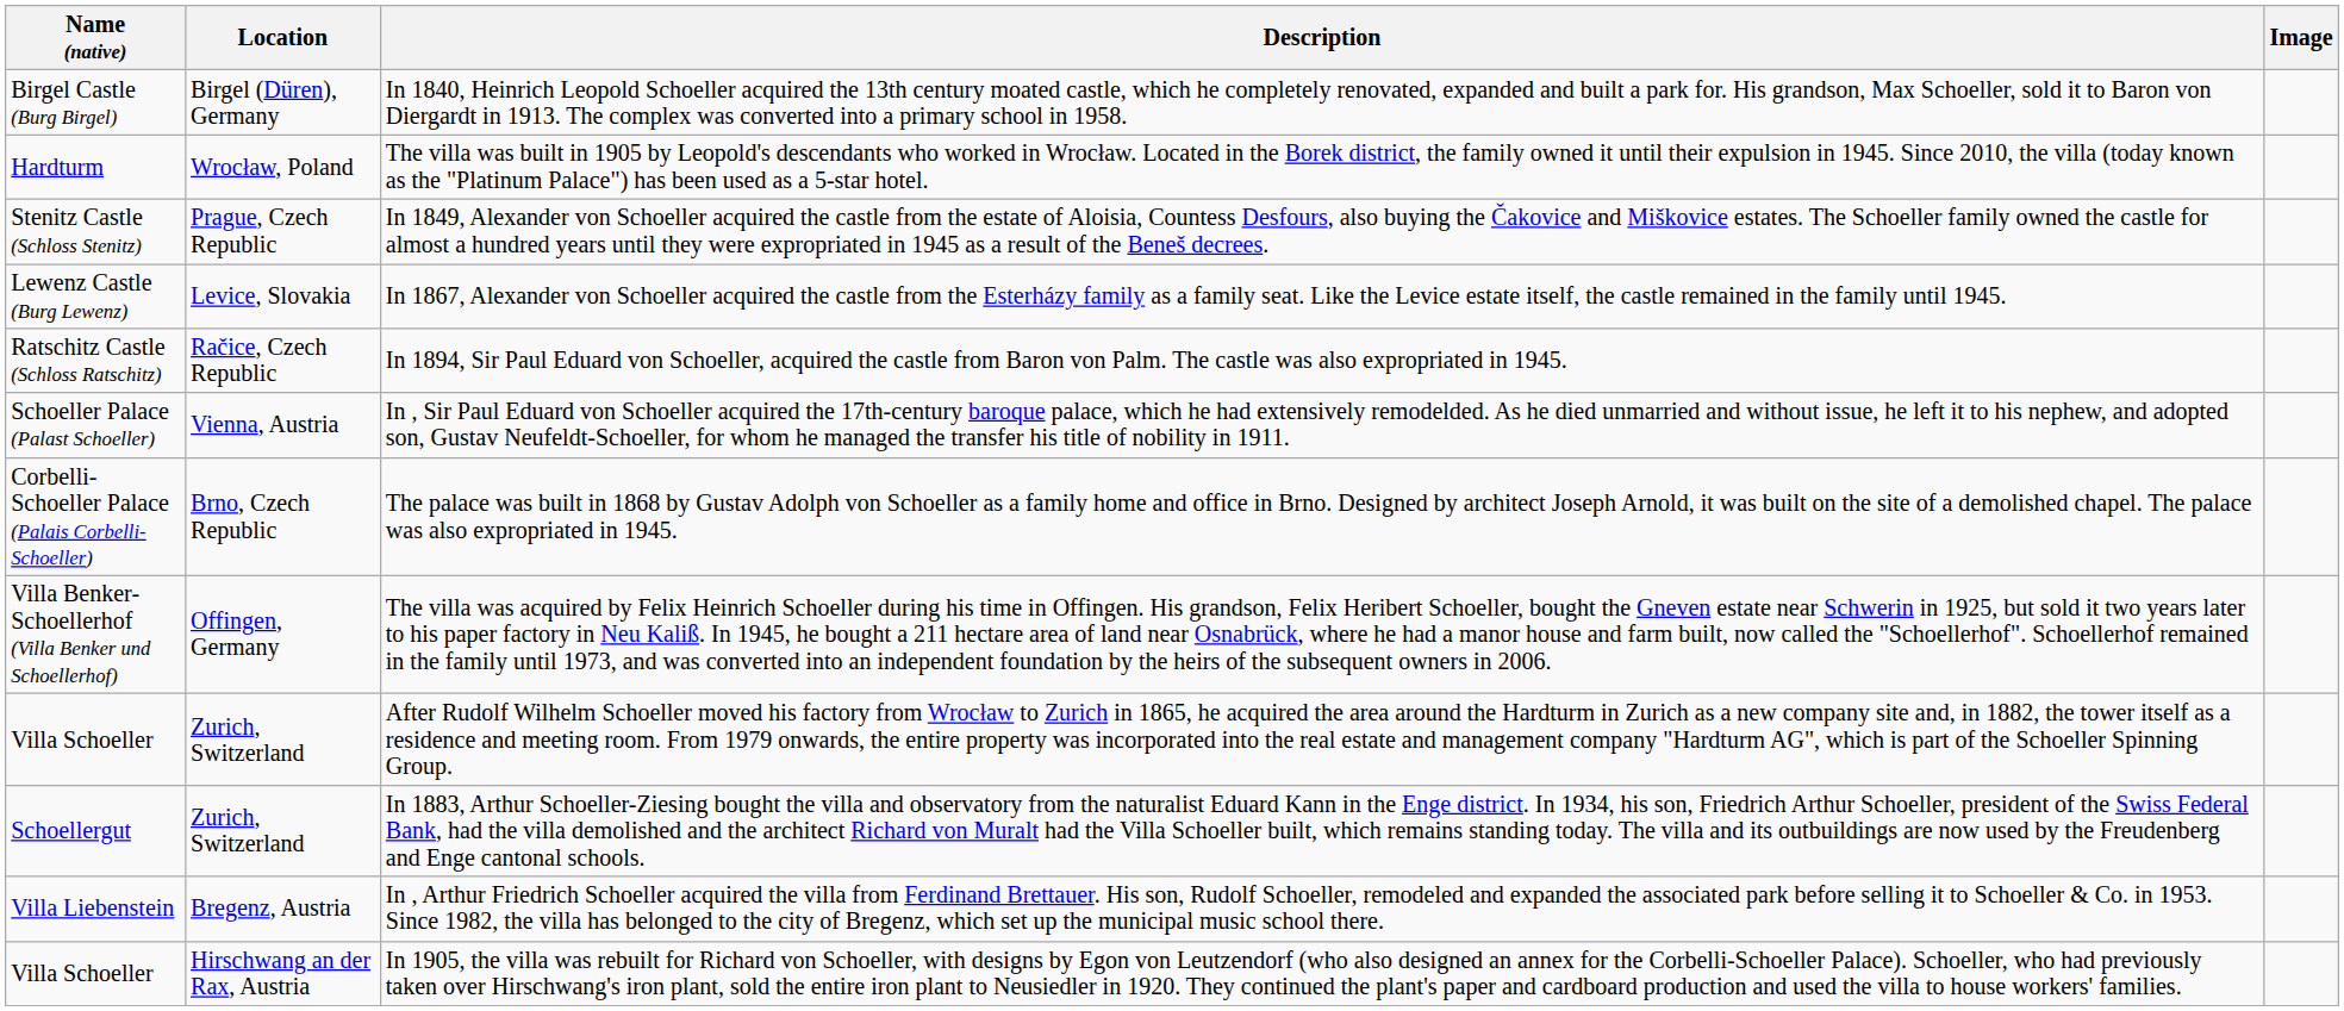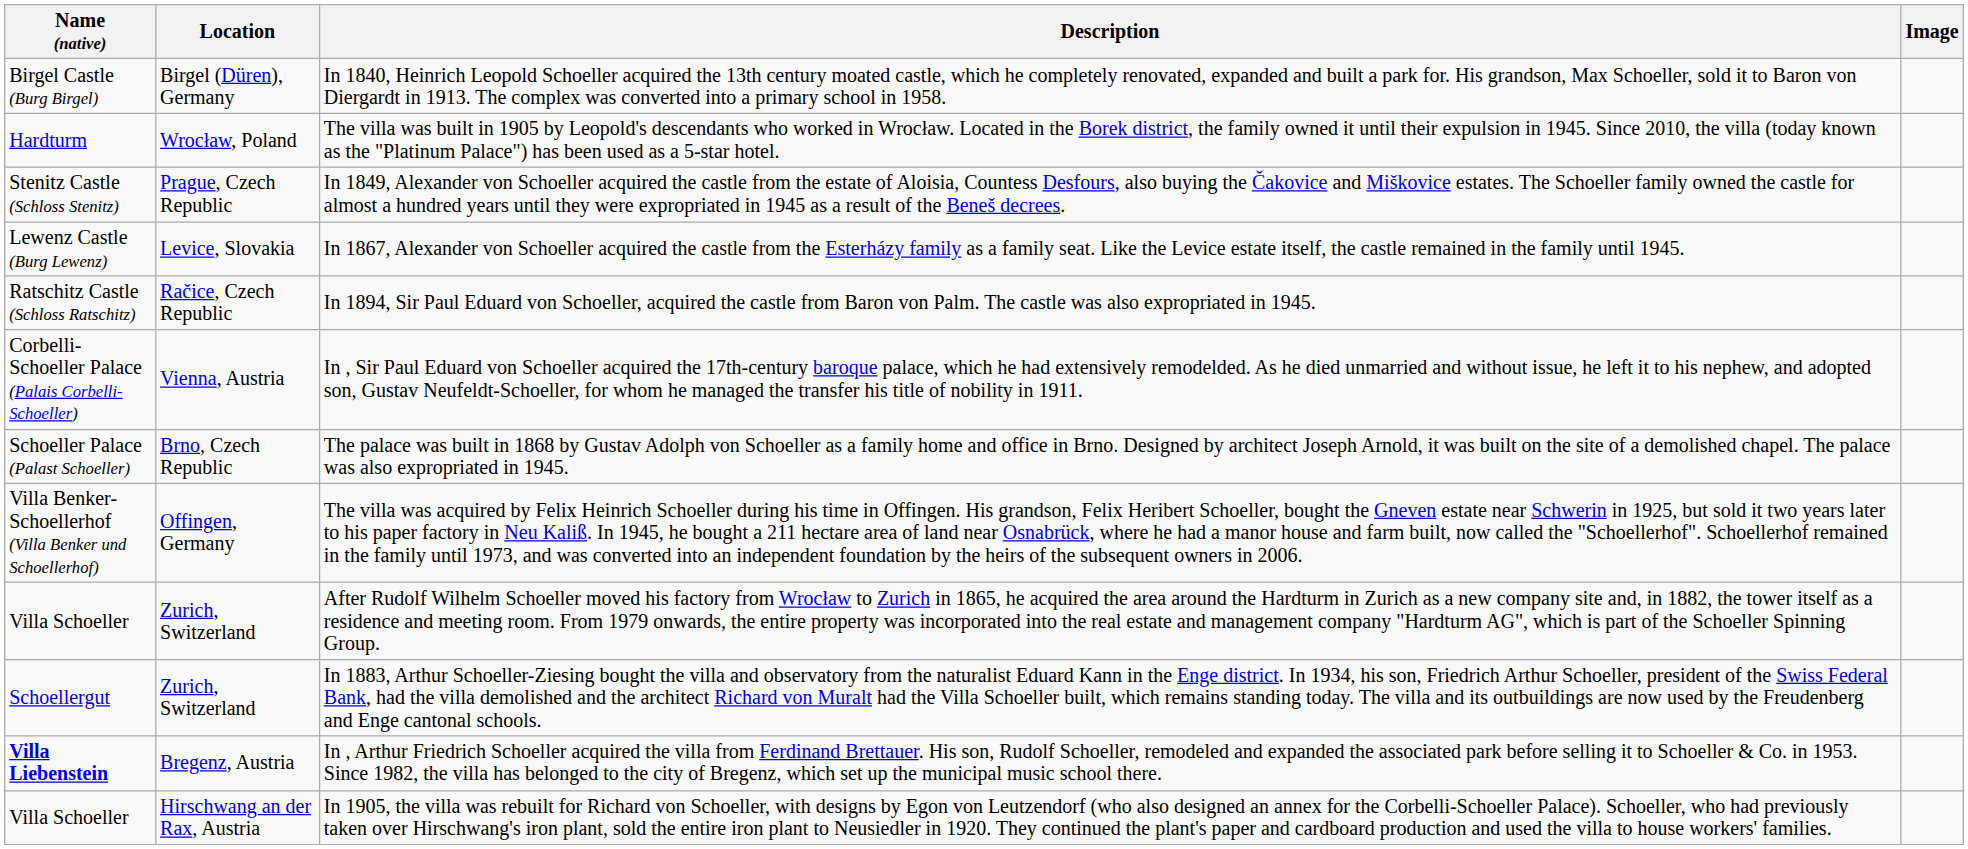 <table class="wikitable sortable">
 <tr>
 <th>Name <br><small><em>(native)</em></small></th>
 <th>Location</th>
 <th>Description</th>
 <th>Image</th>
 </tr>
 <tr>
 <td>Birgel Castle<br><small><em>(Burg Birgel)</em></small></td>
 <td>Birgel (<a href='#'>Düren</a>), Germany</td>
 <td>In 1840, Heinrich Leopold Schoeller acquired the 13th century moated castle, which he completely renovated, expanded and built a park for. His grandson, Max Schoeller, sold it to Baron von Diergardt in 1913. The complex was converted into a primary school in 1958.</td>
 <td></td>
 </tr>
 <tr>
 <td><a href='#'>Hardturm</a></td>
 <td><a href='#'>Wrocław</a>, Poland</td>
 <td>The villa was built in 1905 by Leopold's descendants who worked in Wrocław. Located in the <a href='#'>Borek district</a>, the family owned it until their expulsion in 1945. Since 2010, the villa (today known as the "Platinum Palace") has been used as a 5-star hotel.</td>
 <td></td>
 </tr>
 <tr>
 <td>Stenitz Castle<br><small><em>(Schloss Stenitz)</em></small></td>
 <td><a href='#'>Prague</a>, Czech Republic</td>
 <td>In 1849, Alexander von Schoeller acquired the castle from the estate of Aloisia, Countess <a href='#'>Desfours</a>, also buying the <a href='#'>Čakovice</a> and <a href='#'>Miškovice</a> estates. The Schoeller family owned the castle for almost a hundred years until they were expropriated in 1945 as a result of the <a href='#'>Beneš decrees</a>.</td>
 <td></td>
 </tr>
 <tr>
 <td>Lewenz Castle<br><small><em>(Burg Lewenz)</em></small></td>
 <td><a href='#'>Levice</a>, Slovakia</td>
 <td>In 1867, Alexander von Schoeller acquired the castle from the <a href='#'>Esterházy family</a> as a family seat. Like the Levice estate itself, the castle remained in the family until 1945.</td>
 <td></td>
 </tr>
 <tr>
 <td>Ratschitz Castle<br><small><em>(Schloss Ratschitz)</em></small></td>
 <td><a href='#'>Račice</a>, Czech Republic</td>
 <td>In 1894, Sir Paul Eduard von Schoeller, acquired the castle from Baron von Palm. The castle was also expropriated in 1945.</td>
 <td></td>
 </tr>
 <tr>
-<td>Schoeller Palace <br><small><em>(Palast Schoeller)</em></small></td>
+<td>Corbelli-Schoeller Palace<br><small><em>(<a href='#'>Palais Corbelli-Schoeller</a>)</em></small></td>
 <td><a href='#'>Vienna</a>, Austria</td>
 <td>In , Sir Paul Eduard von Schoeller acquired the 17th-century <a href='#'>baroque</a> palace, which he had extensively remodelded. As he died unmarried and without issue, he left it to his nephew, and adopted son, Gustav Neufeldt-Schoeller, for whom he managed the transfer his title of nobility in 1911.</td>
 <td></td>
 </tr>
 <tr>
-<td>Corbelli-Schoeller Palace<br><small><em>(<a href='#'>Palais Corbelli-Schoeller</a>)</em></small></td>
+<td>Schoeller Palace <br><small><em>(Palast Schoeller)</em></small></td>
 <td><a href='#'>Brno</a>, Czech Republic</td>
 <td>The palace was built in 1868 by Gustav Adolph von Schoeller as a family home and office in Brno. Designed by architect Joseph Arnold, it was built on the site of a demolished chapel. The palace was also expropriated in 1945.</td>
 <td></td>
 </tr>
 <tr>
 <td>Villa Benker-Schoellerhof<br><small><em>(Villa Benker und Schoellerhof)</em></small></td>
 <td><a href='#'>Offingen</a>, Germany</td>
 <td>The villa was acquired by Felix Heinrich Schoeller during his time in Offingen. His grandson, Felix Heribert Schoeller, bought the <a href='#'>Gneven</a> estate near <a href='#'>Schwerin</a> in 1925, but sold it two years later to his paper factory in <a href='#'>Neu Kaliß</a>. In 1945, he bought a 211 hectare area of land near <a href='#'>Osnabrück</a>, where he had a manor house and farm built, now called the "Schoellerhof". Schoellerhof remained in the family until 1973, and was converted into an independent foundation by the heirs of the subsequent owners in 2006.</td>
 <td></td>
 </tr>
 <tr>
 <td>Villa Schoeller</td>
 <td><a href='#'>Zurich</a>, Switzerland</td>
 <td>After Rudolf Wilhelm Schoeller moved his factory from <a href='#'>Wrocław</a> to <a href='#'>Zurich</a> in 1865, he acquired the area around the Hardturm in Zurich as a new company site and, in 1882, the tower itself as a residence and meeting room. From 1979 onwards, the entire property was incorporated into the real estate and management company "Hardturm AG", which is part of the Schoeller Spinning Group.</td>
 <td></td>
 </tr>
 <tr>
 <td><a href='#'>Schoellergut</a></td>
 <td><a href='#'>Zurich</a>, Switzerland</td>
 <td>In 1883, Arthur Schoeller-Ziesing bought the villa and observatory from the naturalist Eduard Kann in the <a href='#'>Enge district</a>. In 1934, his son, Friedrich Arthur Schoeller, president of the <a href='#'>Swiss Federal Bank</a>, had the villa demolished and the architect <a href='#'>Richard von Muralt</a> had the Villa Schoeller built, which remains standing today. The villa and its outbuildings are now used by the Freudenberg and Enge cantonal schools.</td>
 <td></td>
 </tr>
 <tr>
-<td><a href='#'>Villa Liebenstein</a></td>
+<td><strong><a href='#'>Villa Liebenstein</a></strong></td>
 <td><a href='#'>Bregenz</a>, Austria</td>
 <td>In , Arthur Friedrich Schoeller acquired the villa from <a href='#'>Ferdinand Brettauer</a>. His son, Rudolf Schoeller, remodeled and expanded the associated park before selling it to Schoeller & Co. in 1953. Since 1982, the villa has belonged to the city of Bregenz, which set up the municipal music school there.</td>
 <td></td>
 </tr>
 <tr>
 <td>Villa Schoeller</td>
 <td><a href='#'>Hirschwang an der Rax</a>, Austria</td>
 <td>In 1905, the villa was rebuilt for Richard von Schoeller, with designs by Egon von Leutzendorf (who also designed an annex for the Corbelli-Schoeller Palace). Schoeller, who had previously taken over Hirschwang's iron plant, sold the entire iron plant to Neusiedler in 1920. They continued the plant's paper and cardboard production and used the villa to house workers' families.</td>
 <td></td>
 </tr>
 </table>
